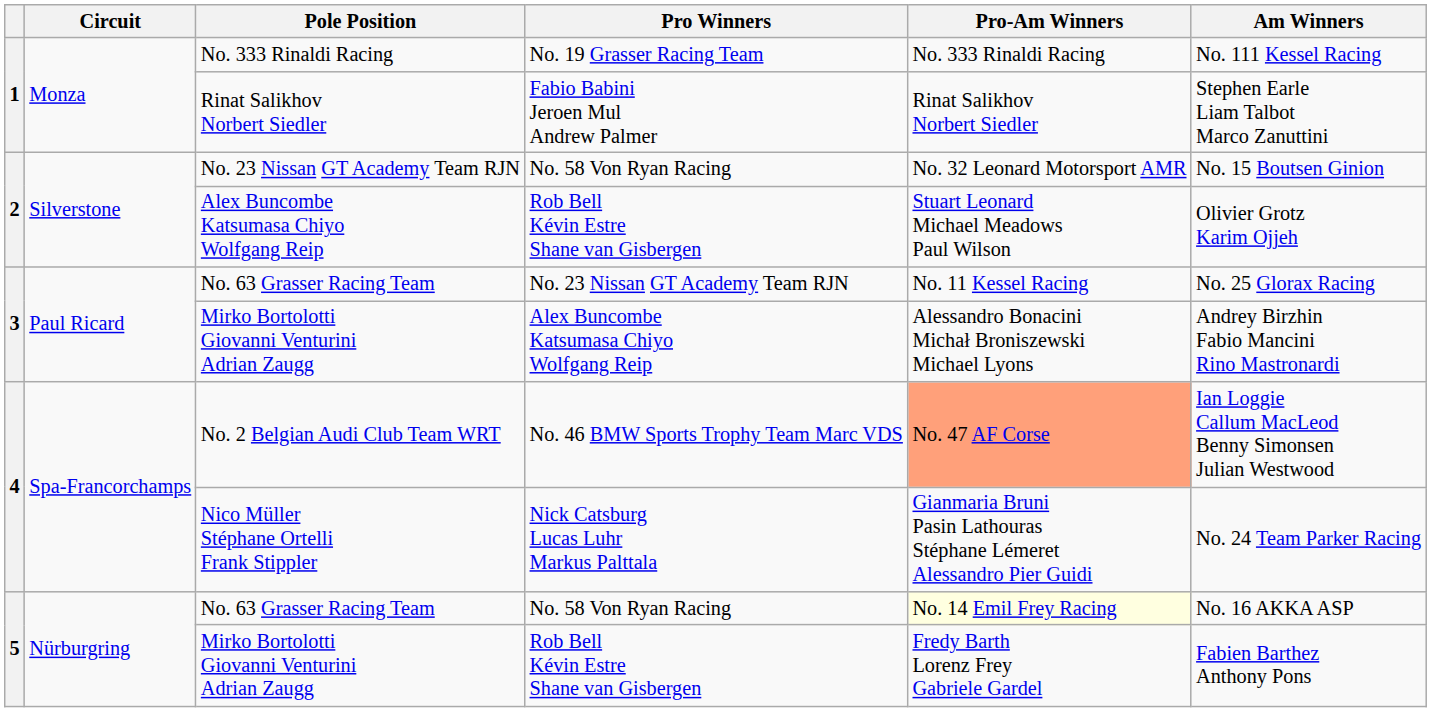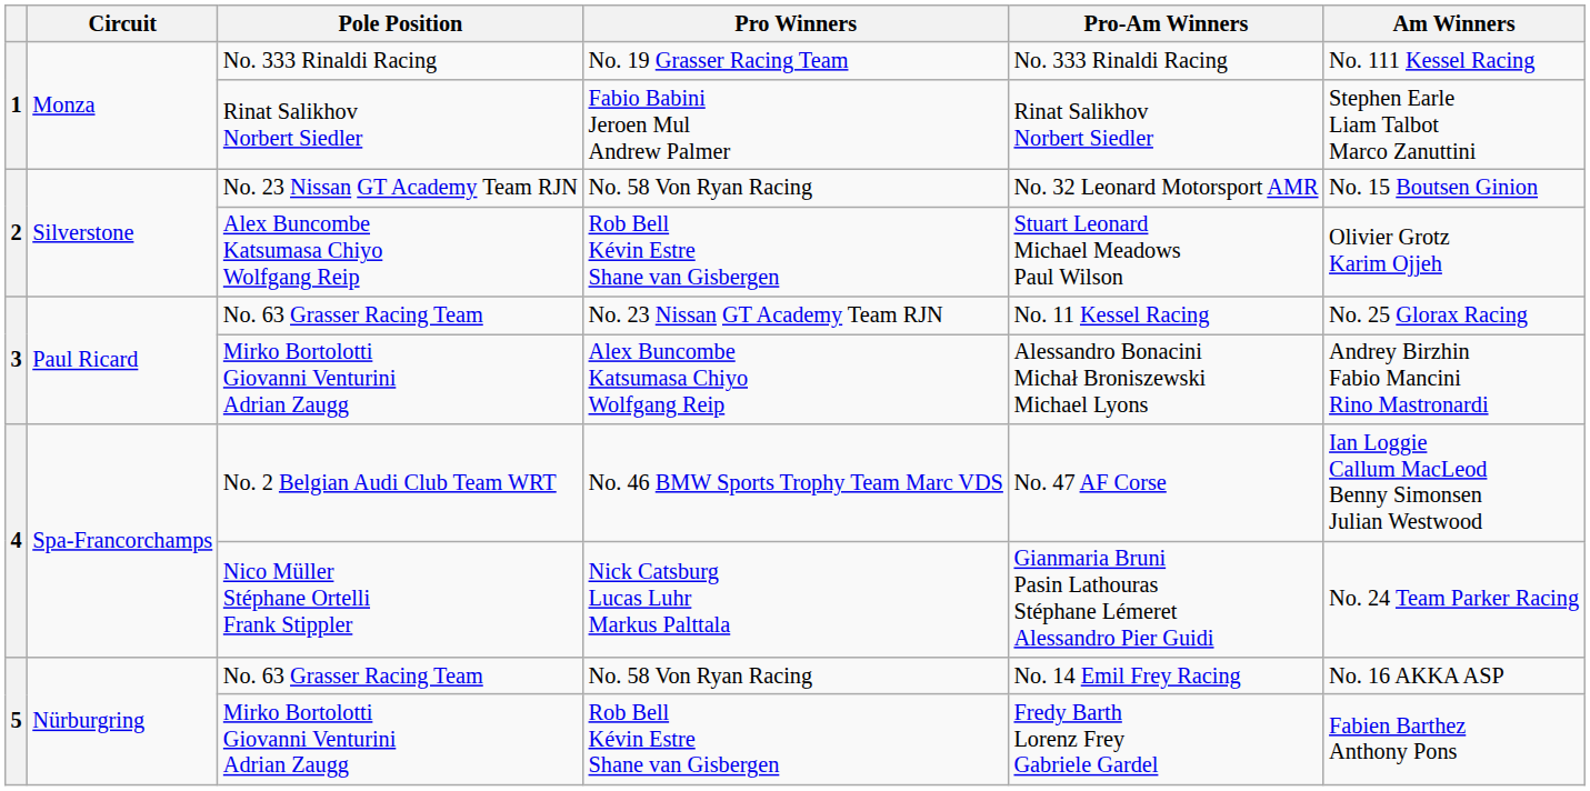 <table class="wikitable" style="font-size: 85%;">
 <tr>
 <th></th>
 <th>Circuit</th>
 <th>Pole Position</th>
 <th>Pro Winners</th>
 <th>Pro-Am Winners</th>
 <th>Am Winners</th>
 </tr>
 <tr>
 <th rowspan=2>1</th>
 <td rowspan=2><a href='#'>Monza</a></td>
 <td> No. 333 Rinaldi Racing</td>
 <td> No. 19 <a href='#'>Grasser Racing Team</a></td>
 <td> No. 333 Rinaldi Racing</td>
 <td> No. 111 <a href='#'>Kessel Racing</a></td>
 </tr>
 <tr>
 <td> Rinat Salikhov<br> <a href='#'>Norbert Siedler</a></td>
 <td> <a href='#'>Fabio Babini</a><br> Jeroen Mul<br> Andrew Palmer</td>
 <td> Rinat Salikhov<br> <a href='#'>Norbert Siedler</a></td>
 <td> Stephen Earle<br> Liam Talbot<br> Marco Zanuttini</td>
 </tr>
 <tr>
 <th rowspan=2>2</th>
 <td rowspan=2><a href='#'>Silverstone</a></td>
 <td> No. 23 <a href='#'>Nissan</a> <a href='#'>GT Academy</a> Team RJN</td>
 <td> No. 58 Von Ryan Racing</td>
 <td> No. 32 Leonard Motorsport <a href='#'>AMR</a></td>
 <td> No. 15 <a href='#'>Boutsen Ginion</a></td>
 </tr>
 <tr>
 <td> <a href='#'>Alex Buncombe</a><br> <a href='#'>Katsumasa Chiyo</a><br> <a href='#'>Wolfgang Reip</a></td>
 <td> <a href='#'>Rob Bell</a><br> <a href='#'>Kévin Estre</a><br> <a href='#'>Shane van Gisbergen</a></td>
 <td> <a href='#'>Stuart Leonard</a><br> Michael Meadows<br> Paul Wilson</td>
 <td> Olivier Grotz<br> <a href='#'>Karim Ojjeh</a></td>
 </tr>
 <tr>
 <th rowspan=2>3</th>
 <td rowspan=2><a href='#'>Paul Ricard</a></td>
 <td> No. 63 <a href='#'>Grasser Racing Team</a></td>
 <td> No. 23 <a href='#'>Nissan</a> <a href='#'>GT Academy</a> Team RJN</td>
 <td> No. 11 <a href='#'>Kessel Racing</a></td>
 <td> No. 25 <a href='#'>Glorax Racing</a></td>
 </tr>
 <tr>
 <td> <a href='#'>Mirko Bortolotti</a><br> <a href='#'>Giovanni Venturini</a><br> <a href='#'>Adrian Zaugg</a></td>
 <td> <a href='#'>Alex Buncombe</a><br> <a href='#'>Katsumasa Chiyo</a><br> <a href='#'>Wolfgang Reip</a></td>
 <td> Alessandro Bonacini<br> Michał Broniszewski<br> Michael Lyons</td>
 <td> Andrey Birzhin<br> Fabio Mancini<br> <a href='#'>Rino Mastronardi</a></td>
 </tr>
 <tr>
 <th rowspan=2>4</th>
 <td rowspan=2><a href='#'>Spa-Francorchamps</a></td>
 <td> No. 2 <a href='#'>Belgian Audi Club Team WRT</a></td>
 <td> No. 46 <a href='#'>BMW Sports Trophy Team Marc VDS</a></td>
-<td style="background: lightsalmon;"> No. 47 <a href='#'>AF Corse</a></td>
+<td> No. 47 <a href='#'>AF Corse</a></td>
 <td> <a href='#'>Ian Loggie</a><br> <a href='#'>Callum MacLeod</a><br> Benny Simonsen<br> Julian Westwood</td>
 </tr>
 <tr>
 <td> <a href='#'>Nico Müller</a><br> <a href='#'>Stéphane Ortelli</a><br> <a href='#'>Frank Stippler</a></td>
 <td> <a href='#'>Nick Catsburg</a><br> <a href='#'>Lucas Luhr</a><br> <a href='#'>Markus Palttala</a></td>
 <td> <a href='#'>Gianmaria Bruni</a><br> Pasin Lathouras<br> Stéphane Lémeret<br> <a href='#'>Alessandro Pier Guidi</a></td>
 <td> No. 24 <a href='#'>Team Parker Racing</a></td>
 </tr>
 <tr>
 <th rowspan=2>5</th>
 <td rowspan=2><a href='#'>Nürburgring</a></td>
 <td> No. 63 <a href='#'>Grasser Racing Team</a></td>
 <td> No. 58 Von Ryan Racing</td>
-<td style="background: lightyellow;"> No. 14 <a href='#'>Emil Frey Racing</a></td>
+<td> No. 14 <a href='#'>Emil Frey Racing</a></td>
 <td> No. 16 AKKA ASP</td>
 </tr>
 <tr>
 <td> <a href='#'>Mirko Bortolotti</a><br> <a href='#'>Giovanni Venturini</a><br> <a href='#'>Adrian Zaugg</a></td>
 <td> <a href='#'>Rob Bell</a><br> <a href='#'>Kévin Estre</a><br> <a href='#'>Shane van Gisbergen</a></td>
 <td> <a href='#'>Fredy Barth</a><br> Lorenz Frey<br> <a href='#'>Gabriele Gardel</a></td>
 <td> <a href='#'>Fabien Barthez</a><br> Anthony Pons</td>
 </tr>
 </table>
